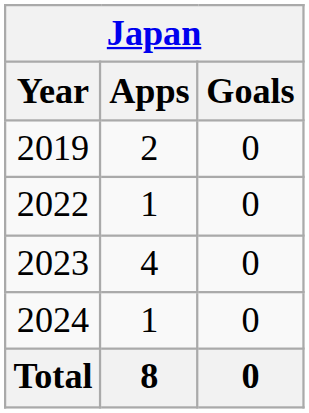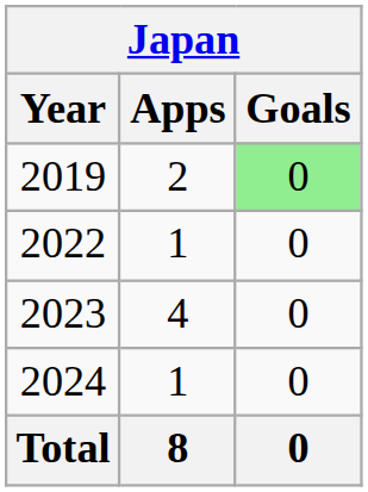 <table class="wikitable" style="text-align:center">
 <tr>
 <th colspan="3"><a href='#'>Japan</a></th>
 </tr>
 <tr>
 <th>Year</th>
 <th>Apps</th>
 <th>Goals</th>
 </tr>
 <tr>
 <td>2019</td>
 <td>2</td>
-<td>0</td>
+<td style="background: lightgreen;">0</td>
 </tr>
 <tr>
 <td>2022</td>
 <td>1</td>
 <td>0</td>
 </tr>
 <tr>
 <td>2023</td>
 <td>4</td>
 <td>0</td>
 </tr>
 <tr>
 <td>2024</td>
 <td>1</td>
 <td>0</td>
 </tr>
 <tr>
 <th>Total</th>
 <th>8</th>
 <th>0</th>
 </tr>
 </table>
